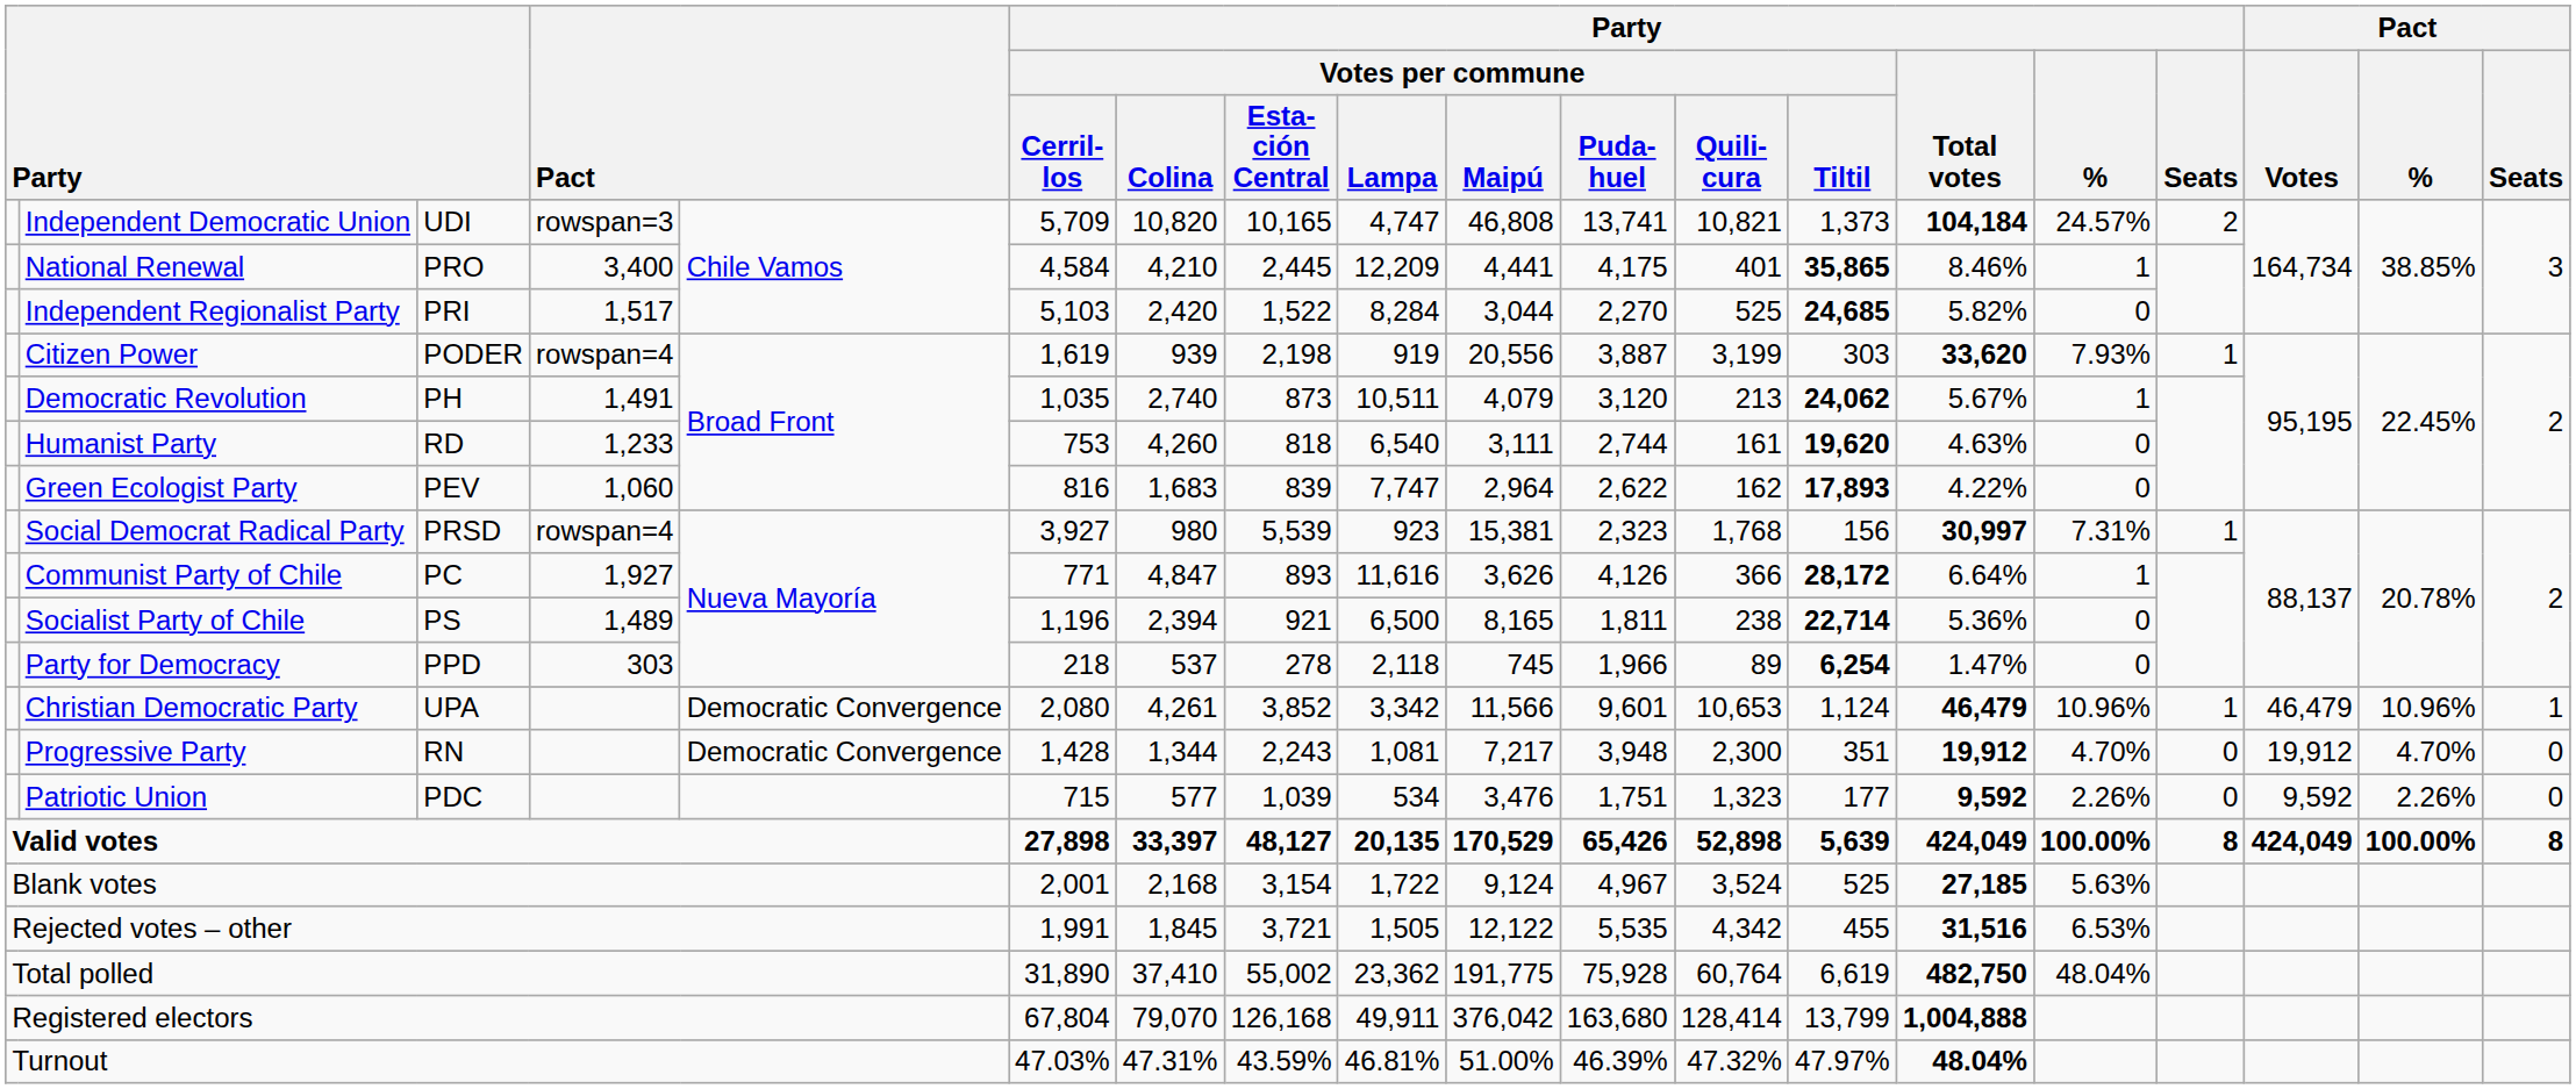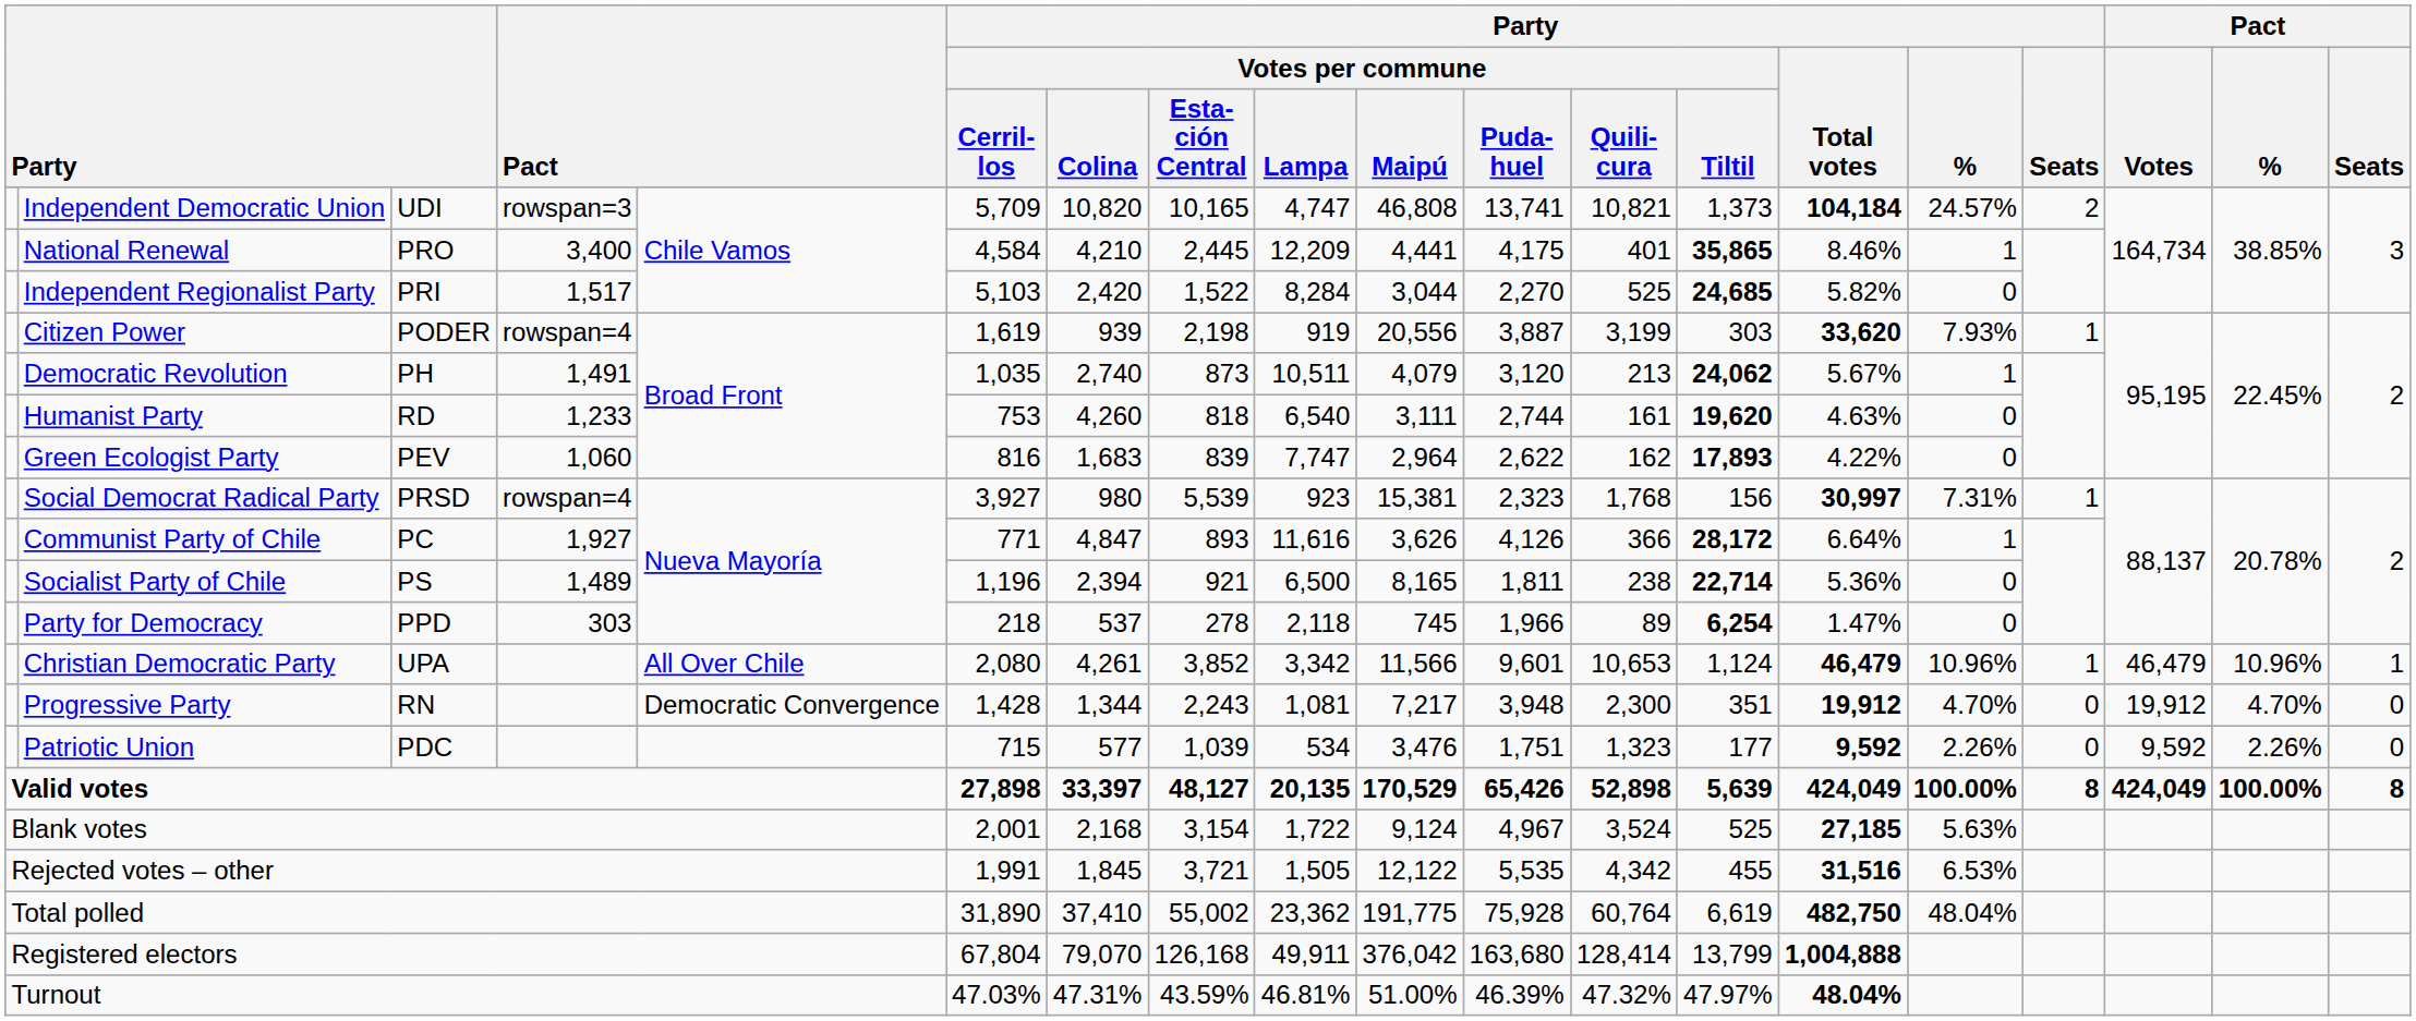 <table class="wikitable" border="1" style="font-size:90%; text-align:right; white-space: nowrap;">
 <tr>
 <th style="text-align:left;" valign=bottom rowspan=3 colspan=3>Party</th>
 <th style="text-align:left;" valign=bottom rowspan=3 colspan=2>Pact</th>
 <th colspan=11>Party</th>
 <th colspan=3>Pact</th>
 </tr>
 <tr>
 <th colspan=8>Votes per commune</th>
 <th align=center valign=bottom rowspan=2 width="40">Total<br>votes</th>
 <th align=center valign=bottom rowspan=2 width="40">%</th>
 <th align=center valign=bottom rowspan=2>Seats</th>
 <th align=center valign=bottom rowspan=2 width="40">Votes</th>
 <th align=center valign=bottom rowspan=2 width="40">%</th>
 <th align=center valign=bottom rowspan=2>Seats</th>
 </tr>
 <tr>
 <th align=center valign=bottom width="40"><a href='#'>Cerril-<br>los</a></th>
 <th align=center valign=bottom width="40"><a href='#'>Colina</a></th>
 <th align=center valign=bottom width="40"><a href='#'>Esta-<br>ción<br>Central</a></th>
 <th align=center valign=bottom width="40"><a href='#'>Lampa</a></th>
 <th align=center valign=bottom width="40"><a href='#'>Maipú</a></th>
 <th align=center valign=bottom width="40"><a href='#'>Puda-<br>huel</a></th>
 <th align=center valign=bottom width="40"><a href='#'>Quili-<br>cura</a></th>
 <th align=center valign=bottom width="40"><a href='#'>Tiltil</a></th>
 </tr>
 <tr>
 <td></td>
 <td align=left><a href='#'>Independent Democratic Union</a></td>
 <td align=left>UDI</td>
 <td>rowspan=3 </td>
 <td rowspan=3 align=left><a href='#'>Chile Vamos</a></td>
 <td>5,709</td>
 <td>10,820</td>
 <td>10,165</td>
 <td>4,747</td>
 <td>46,808</td>
 <td>13,741</td>
 <td>10,821</td>
 <td>1,373</td>
 <td><strong>104,184</strong></td>
 <td>24.57%</td>
 <td>2</td>
 <td rowspan=3>164,734</td>
 <td rowspan=3>38.85%</td>
 <td rowspan=3>3</td>
 </tr>
 <tr>
 <td></td>
 <td align=left><a href='#'>National Renewal</a></td>
 <td align=left>PRO</td>
 <td>3,400</td>
 <td>4,584</td>
 <td>4,210</td>
 <td>2,445</td>
 <td>12,209</td>
 <td>4,441</td>
 <td>4,175</td>
 <td>401</td>
 <td><strong>35,865</strong></td>
 <td>8.46%</td>
 <td>1</td>
 </tr>
 <tr>
 <td></td>
 <td align=left><a href='#'>Independent Regionalist Party</a></td>
 <td align=left>PRI</td>
 <td>1,517</td>
 <td>5,103</td>
 <td>2,420</td>
 <td>1,522</td>
 <td>8,284</td>
 <td>3,044</td>
 <td>2,270</td>
 <td>525</td>
 <td><strong>24,685</strong></td>
 <td>5.82%</td>
 <td>0</td>
 </tr>
 <tr>
 <td></td>
 <td align=left><a href='#'>Citizen Power</a></td>
 <td align=left>PODER</td>
 <td>rowspan=4 </td>
 <td rowspan=4 align=left><a href='#'>Broad Front</a></td>
 <td>1,619</td>
 <td>939</td>
 <td>2,198</td>
 <td>919</td>
 <td>20,556</td>
 <td>3,887</td>
 <td>3,199</td>
 <td>303</td>
 <td><strong>33,620</strong></td>
 <td>7.93%</td>
 <td>1</td>
 <td rowspan=4>95,195</td>
 <td rowspan=4>22.45%</td>
 <td rowspan=4>2</td>
 </tr>
 <tr>
 <td></td>
 <td align=left><a href='#'>Democratic Revolution</a></td>
 <td align=left>PH</td>
 <td>1,491</td>
 <td>1,035</td>
 <td>2,740</td>
 <td>873</td>
 <td>10,511</td>
 <td>4,079</td>
 <td>3,120</td>
 <td>213</td>
 <td><strong>24,062</strong></td>
 <td>5.67%</td>
 <td>1</td>
 </tr>
 <tr>
 <td></td>
 <td align=left><a href='#'>Humanist Party</a></td>
 <td align=left>RD</td>
 <td>1,233</td>
 <td>753</td>
 <td>4,260</td>
 <td>818</td>
 <td>6,540</td>
 <td>3,111</td>
 <td>2,744</td>
 <td>161</td>
 <td><strong>19,620</strong></td>
 <td>4.63%</td>
 <td>0</td>
 </tr>
 <tr>
 <td></td>
 <td align=left><a href='#'>Green Ecologist Party</a></td>
 <td align=left>PEV</td>
 <td>1,060</td>
 <td>816</td>
 <td>1,683</td>
 <td>839</td>
 <td>7,747</td>
 <td>2,964</td>
 <td>2,622</td>
 <td>162</td>
 <td><strong>17,893</strong></td>
 <td>4.22%</td>
 <td>0</td>
 </tr>
 <tr>
 <td></td>
 <td align=left><a href='#'>Social Democrat Radical Party</a></td>
 <td align=left>PRSD</td>
 <td>rowspan=4 </td>
 <td rowspan=4 align=left><a href='#'>Nueva Mayoría</a></td>
 <td>3,927</td>
 <td>980</td>
 <td>5,539</td>
 <td>923</td>
 <td>15,381</td>
 <td>2,323</td>
 <td>1,768</td>
 <td>156</td>
 <td><strong>30,997</strong></td>
 <td>7.31%</td>
 <td>1</td>
 <td rowspan=4>88,137</td>
 <td rowspan=4>20.78%</td>
 <td rowspan=4>2</td>
 </tr>
 <tr>
 <td></td>
 <td align=left><a href='#'>Communist Party of Chile</a></td>
 <td align=left>PC</td>
 <td>1,927</td>
 <td>771</td>
 <td>4,847</td>
 <td>893</td>
 <td>11,616</td>
 <td>3,626</td>
 <td>4,126</td>
 <td>366</td>
 <td><strong>28,172</strong></td>
 <td>6.64%</td>
 <td>1</td>
 </tr>
 <tr>
 <td></td>
 <td align=left><a href='#'>Socialist Party of Chile</a></td>
 <td align=left>PS</td>
 <td>1,489</td>
 <td>1,196</td>
 <td>2,394</td>
 <td>921</td>
 <td>6,500</td>
 <td>8,165</td>
 <td>1,811</td>
 <td>238</td>
 <td><strong>22,714</strong></td>
 <td>5.36%</td>
 <td>0</td>
 </tr>
 <tr>
 <td></td>
 <td align=left><a href='#'>Party for Democracy</a></td>
 <td align=left>PPD</td>
 <td>303</td>
 <td>218</td>
 <td>537</td>
 <td>278</td>
 <td>2,118</td>
 <td>745</td>
 <td>1,966</td>
 <td>89</td>
 <td><strong>6,254</strong></td>
 <td>1.47%</td>
 <td>0</td>
 </tr>
 <tr>
 <td></td>
 <td align=left><a href='#'>Christian Democratic Party</a></td>
 <td align=left>UPA</td>
 <td></td>
-<td align=left>Democratic Convergence</td>
+<td align=left><a href='#'>All Over Chile</a></td>
 <td>2,080</td>
 <td>4,261</td>
 <td>3,852</td>
 <td>3,342</td>
 <td>11,566</td>
 <td>9,601</td>
 <td>10,653</td>
 <td>1,124</td>
 <td><strong>46,479</strong></td>
 <td>10.96%</td>
 <td>1</td>
 <td>46,479</td>
 <td>10.96%</td>
 <td>1</td>
 </tr>
 <tr>
 <td></td>
 <td align=left><a href='#'>Progressive Party</a></td>
 <td align=left>RN</td>
 <td></td>
 <td align=left>Democratic Convergence</td>
 <td>1,428</td>
 <td>1,344</td>
 <td>2,243</td>
 <td>1,081</td>
 <td>7,217</td>
 <td>3,948</td>
 <td>2,300</td>
 <td>351</td>
 <td><strong>19,912</strong></td>
 <td>4.70%</td>
 <td>0</td>
 <td>19,912</td>
 <td>4.70%</td>
 <td>0</td>
 </tr>
 <tr>
 <td></td>
 <td align=left><a href='#'>Patriotic Union</a></td>
 <td align=left>PDC</td>
 <td></td>
 <td></td>
 <td>715</td>
 <td>577</td>
 <td>1,039</td>
 <td>534</td>
 <td>3,476</td>
 <td>1,751</td>
 <td>1,323</td>
 <td>177</td>
 <td><strong>9,592</strong></td>
 <td>2.26%</td>
 <td>0</td>
 <td>9,592</td>
 <td>2.26%</td>
 <td>0</td>
 </tr>
 <tr style="font-weight:bold">
 <td align=left colspan=5>Valid votes</td>
 <td>27,898</td>
 <td>33,397</td>
 <td>48,127</td>
 <td>20,135</td>
 <td>170,529</td>
 <td>65,426</td>
 <td>52,898</td>
 <td>5,639</td>
 <td>424,049</td>
 <td>100.00%</td>
 <td>8</td>
 <td>424,049</td>
 <td>100.00%</td>
 <td>8</td>
 </tr>
 <tr>
 <td align=left colspan=5>Blank votes</td>
 <td>2,001</td>
 <td>2,168</td>
 <td>3,154</td>
 <td>1,722</td>
 <td>9,124</td>
 <td>4,967</td>
 <td>3,524</td>
 <td>525</td>
 <td><strong>27,185</strong></td>
 <td>5.63%</td>
 <td></td>
 <td></td>
 <td></td>
 <td></td>
 </tr>
 <tr>
 <td align=left colspan=5>Rejected votes – other</td>
 <td>1,991</td>
 <td>1,845</td>
 <td>3,721</td>
 <td>1,505</td>
 <td>12,122</td>
 <td>5,535</td>
 <td>4,342</td>
 <td>455</td>
 <td><strong>31,516</strong></td>
 <td>6.53%</td>
 <td></td>
 <td></td>
 <td></td>
 <td></td>
 </tr>
 <tr>
 <td align=left colspan=5>Total polled</td>
 <td>31,890</td>
 <td>37,410</td>
 <td>55,002</td>
 <td>23,362</td>
 <td>191,775</td>
 <td>75,928</td>
 <td>60,764</td>
 <td>6,619</td>
 <td><strong>482,750</strong></td>
 <td>48.04%</td>
 <td></td>
 <td></td>
 <td></td>
 <td></td>
 </tr>
 <tr>
 <td align=left colspan=5>Registered electors</td>
 <td>67,804</td>
 <td>79,070</td>
 <td>126,168</td>
 <td>49,911</td>
 <td>376,042</td>
 <td>163,680</td>
 <td>128,414</td>
 <td>13,799</td>
 <td><strong>1,004,888</strong></td>
 <td></td>
 <td></td>
 <td></td>
 <td></td>
 <td></td>
 </tr>
 <tr>
 <td align=left colspan=5>Turnout</td>
 <td>47.03%</td>
 <td>47.31%</td>
 <td>43.59%</td>
 <td>46.81%</td>
 <td>51.00%</td>
 <td>46.39%</td>
 <td>47.32%</td>
 <td>47.97%</td>
 <td><strong>48.04%</strong></td>
 <td></td>
 <td></td>
 <td></td>
 <td></td>
 <td></td>
 </tr>
 </table>
